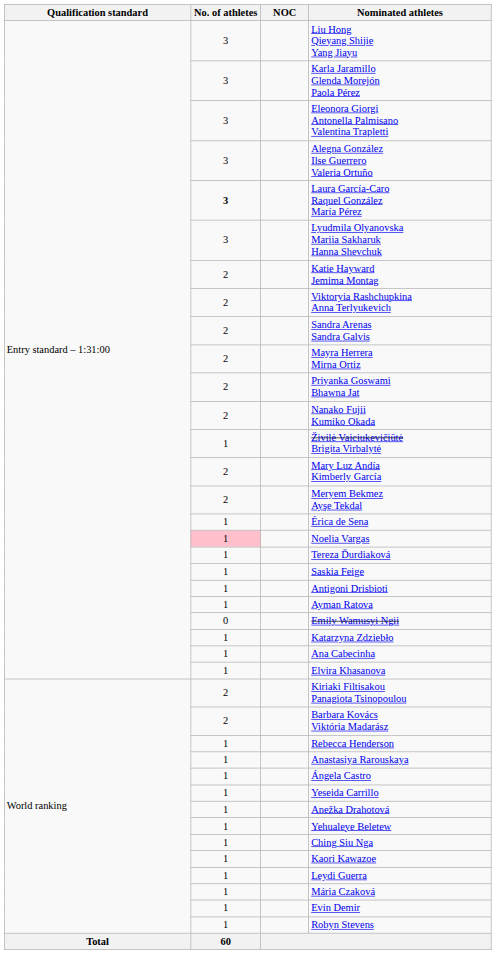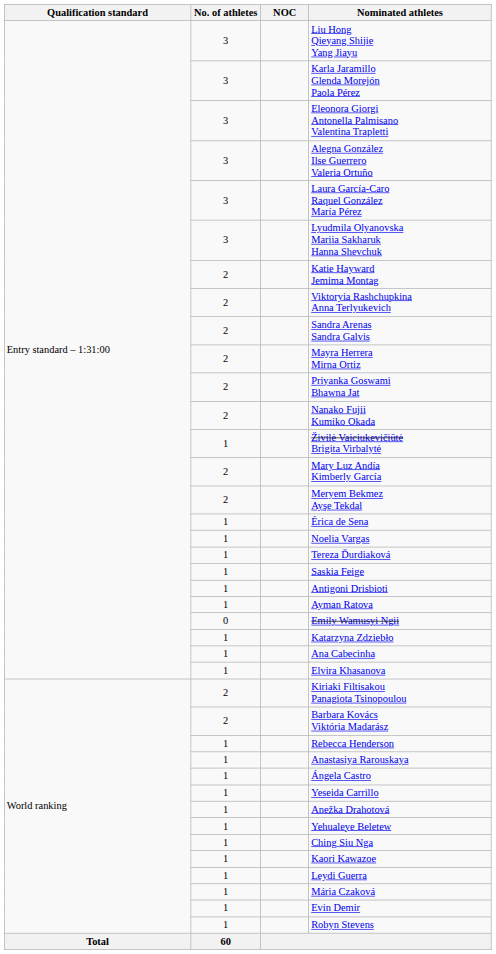 <table class="wikitable" style="text-align:left; width:750px;">
 <tr>
 <th>Qualification standard</th>
 <th width=100>No. of athletes</th>
 <th>NOC</th>
 <th>Nominated athletes</th>
 </tr>
 <tr>
 <td rowspan=25>Entry standard – 1:31:00</td>
 <td align=center>3</td>
 <td></td>
 <td><a href='#'>Liu Hong</a><br><a href='#'>Qieyang Shijie</a><br><a href='#'>Yang Jiayu</a></td>
 </tr>
 <tr>
 <td align=center>3</td>
 <td></td>
 <td><a href='#'>Karla Jaramillo</a><br><a href='#'>Glenda Morejón</a><br><a href='#'>Paola Pérez</a></td>
 </tr>
 <tr>
 <td align=center>3</td>
 <td></td>
 <td><a href='#'>Eleonora Giorgi</a><br><a href='#'>Antonella Palmisano</a><br><a href='#'>Valentina Trapletti</a></td>
 </tr>
 <tr>
 <td align=center>3</td>
 <td></td>
 <td><a href='#'>Alegna González</a><br><a href='#'>Ilse Guerrero</a><br><a href='#'>Valeria Ortuño</a></td>
 </tr>
 <tr>
-<td align=center><strong>3</strong></td>
+<td align=center>3</td>
 <td></td>
 <td><a href='#'>Laura García-Caro</a><br><a href='#'>Raquel González</a><br><a href='#'>María Pérez</a></td>
 </tr>
 <tr>
 <td align=center>3</td>
 <td></td>
 <td><a href='#'>Lyudmila Olyanovska</a><br><a href='#'>Mariia Sakharuk</a><br><a href='#'>Hanna Shevchuk</a></td>
 </tr>
 <tr>
 <td align=center>2</td>
 <td></td>
 <td><a href='#'>Katie Hayward</a><br><a href='#'>Jemima Montag</a></td>
 </tr>
 <tr>
 <td align=center>2</td>
 <td></td>
 <td><a href='#'>Viktoryia Rashchupkina</a><br><a href='#'>Anna Terlyukevich</a></td>
 </tr>
 <tr>
 <td align=center>2</td>
 <td></td>
 <td><a href='#'>Sandra Arenas</a><br><a href='#'>Sandra Galvis</a></td>
 </tr>
 <tr>
 <td align=center>2</td>
 <td></td>
 <td><a href='#'>Mayra Herrera</a><br><a href='#'>Mirna Ortiz</a></td>
 </tr>
 <tr>
 <td align=center>2</td>
 <td></td>
 <td><a href='#'>Priyanka Goswami</a><br><a href='#'>Bhawna Jat</a></td>
 </tr>
 <tr>
 <td align=center>2</td>
 <td></td>
 <td><a href='#'>Nanako Fujii</a><br><a href='#'>Kumiko Okada</a></td>
 </tr>
 <tr>
 <td align=center>1</td>
 <td></td>
 <td><s><a href='#'>Živilė Vaiciukevičiūtė</a></s> <br><a href='#'>Brigita Virbalytė</a></td>
 </tr>
 <tr>
 <td align=center>2</td>
 <td></td>
 <td><a href='#'>Mary Luz Andía</a><br><a href='#'>Kimberly García</a></td>
 </tr>
 <tr>
 <td align=center>2</td>
 <td></td>
 <td><a href='#'>Meryem Bekmez</a><br><a href='#'>Ayşe Tekdal</a></td>
 </tr>
 <tr>
 <td align=center>1</td>
 <td></td>
 <td><a href='#'>Érica de Sena</a></td>
 </tr>
 <tr>
-<td align=center style="background: pink;">1</td>
+<td align=center>1</td>
 <td></td>
 <td><a href='#'>Noelia Vargas</a></td>
 </tr>
 <tr>
 <td align=center>1</td>
 <td></td>
 <td><a href='#'>Tereza Ďurdiaková</a></td>
 </tr>
 <tr>
 <td align=center>1</td>
 <td></td>
 <td><a href='#'>Saskia Feige</a></td>
 </tr>
 <tr>
 <td align=center>1</td>
 <td></td>
 <td><a href='#'>Antigoni Drisbioti</a></td>
 </tr>
 <tr>
 <td align=center>1</td>
 <td></td>
 <td><a href='#'>Ayman Ratova</a></td>
 </tr>
 <tr>
 <td align=center>0</td>
 <td></td>
 <td><s><a href='#'>Emily Wamusyi Ngii</a></s></td>
 </tr>
 <tr>
 <td align=center>1</td>
 <td></td>
 <td><a href='#'>Katarzyna Zdziebło</a></td>
 </tr>
 <tr>
 <td align=center>1</td>
 <td></td>
 <td><a href='#'>Ana Cabecinha</a></td>
 </tr>
 <tr>
 <td align=center>1</td>
 <td></td>
 <td><a href='#'>Elvira Khasanova</a></td>
 </tr>
 <tr>
 <td rowspan=14>World ranking</td>
 <td align=center>2</td>
 <td></td>
 <td><a href='#'>Kiriaki Filtisakou</a><br><a href='#'>Panagiota Tsinopoulou</a></td>
 </tr>
 <tr>
 <td align=center>2</td>
 <td></td>
 <td><a href='#'>Barbara Kovács</a><br><a href='#'>Viktória Madarász</a></td>
 </tr>
 <tr>
 <td align=center>1</td>
 <td></td>
 <td><a href='#'>Rebecca Henderson</a></td>
 </tr>
 <tr>
 <td align=center>1</td>
 <td></td>
 <td><a href='#'>Anastasiya Rarouskaya</a></td>
 </tr>
 <tr>
 <td align=center>1</td>
 <td></td>
 <td><a href='#'>Ángela Castro</a></td>
 </tr>
 <tr>
 <td align=center>1</td>
 <td></td>
 <td><a href='#'>Yeseida Carrillo</a></td>
 </tr>
 <tr>
 <td align=center>1</td>
 <td></td>
 <td><a href='#'>Anežka Drahotová</a></td>
 </tr>
 <tr>
 <td align=center>1</td>
 <td></td>
 <td><a href='#'>Yehualeye Beletew</a></td>
 </tr>
 <tr>
 <td align=center>1</td>
 <td></td>
 <td><a href='#'>Ching Siu Nga</a></td>
 </tr>
 <tr>
 <td align=center>1</td>
 <td></td>
 <td><a href='#'>Kaori Kawazoe</a></td>
 </tr>
 <tr>
 <td align=center>1</td>
 <td></td>
 <td><a href='#'>Leydi Guerra</a></td>
 </tr>
 <tr>
 <td align=center>1</td>
 <td></td>
 <td><a href='#'>Mária Czaková</a></td>
 </tr>
 <tr>
 <td align=center>1</td>
 <td></td>
 <td><a href='#'>Evin Demir</a></td>
 </tr>
 <tr>
 <td align=center>1</td>
 <td></td>
 <td><a href='#'>Robyn Stevens</a></td>
 </tr>
 <tr>
 <th>Total</th>
 <th>60</th>
 <th colspan=2></th>
 </tr>
 </table>
